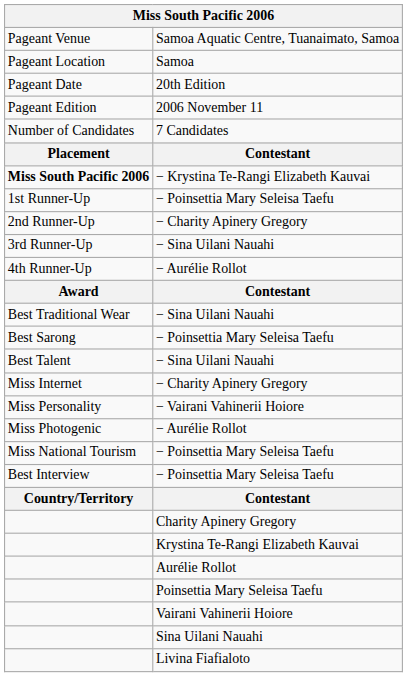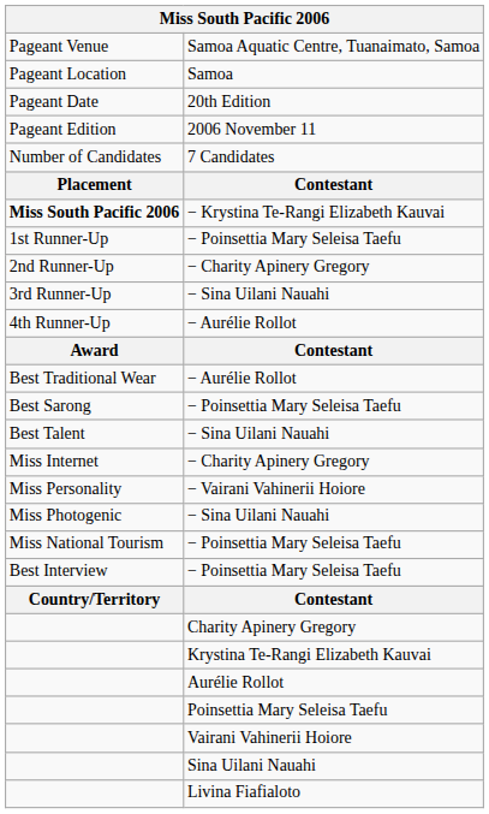 <table class="wikitable sortable" style="font-size: 80%;">
 <tr>
 <th colspan="2"><strong>Miss South Pacific 2006</strong></th>
 </tr>
 <tr>
 <td>Pageant Venue</td>
 <td>Samoa Aquatic Centre, Tuanaimato, Samoa</td>
 </tr>
 <tr>
 <td>Pageant Location</td>
 <td>Samoa</td>
 </tr>
 <tr>
 <td>Pageant Date</td>
 <td>20th Edition</td>
 </tr>
 <tr>
 <td>Pageant Edition</td>
 <td>2006 November 11</td>
 </tr>
 <tr>
 <td>Number of Candidates</td>
 <td>7 Candidates</td>
 </tr>
 <tr>
 <th>Placement</th>
 <th>Contestant</th>
 </tr>
 <tr>
 <td><strong>Miss South Pacific 2006</strong></td>
 <td> − Krystina Te-Rangi Elizabeth Kauvai</td>
 </tr>
 <tr>
 <td>1st Runner-Up</td>
 <td> − Poinsettia Mary Seleisa Taefu</td>
 </tr>
 <tr>
 <td>2nd Runner-Up</td>
 <td> − Charity Apinery Gregory</td>
 </tr>
 <tr>
 <td>3rd Runner-Up</td>
 <td> − Sina Uilani Nauahi</td>
 </tr>
 <tr>
 <td>4th Runner-Up</td>
 <td> − Aurélie Rollot</td>
 </tr>
 <tr>
 <th>Award</th>
 <th>Contestant</th>
 </tr>
 <tr>
 <td>Best Traditional Wear</td>
-<td> − Sina Uilani Nauahi</td>
+<td> − Aurélie Rollot</td>
 </tr>
 <tr>
 <td>Best Sarong</td>
 <td> − Poinsettia Mary Seleisa Taefu</td>
 </tr>
 <tr>
 <td>Best Talent</td>
 <td> − Sina Uilani Nauahi</td>
 </tr>
 <tr>
 <td>Miss Internet</td>
 <td> − Charity Apinery Gregory</td>
 </tr>
 <tr>
 <td>Miss Personality</td>
 <td> − Vairani Vahinerii Hoiore</td>
 </tr>
 <tr>
 <td>Miss Photogenic</td>
-<td> − Aurélie Rollot</td>
+<td> − Sina Uilani Nauahi</td>
 </tr>
 <tr>
 <td>Miss National Tourism</td>
 <td> − Poinsettia Mary Seleisa Taefu</td>
 </tr>
 <tr>
 <td>Best Interview</td>
 <td> − Poinsettia Mary Seleisa Taefu</td>
 </tr>
 <tr>
 <th><strong>Country/Territory</strong></th>
 <th>Contestant</th>
 </tr>
 <tr>
 <td></td>
 <td>Charity Apinery Gregory</td>
 </tr>
 <tr>
 <td></td>
 <td>Krystina Te-Rangi Elizabeth Kauvai</td>
 </tr>
 <tr>
 <td></td>
 <td>Aurélie Rollot</td>
 </tr>
 <tr>
 <td></td>
 <td>Poinsettia Mary Seleisa Taefu</td>
 </tr>
 <tr>
 <td></td>
 <td>Vairani Vahinerii Hoiore</td>
 </tr>
 <tr>
 <td></td>
 <td>Sina Uilani Nauahi</td>
 </tr>
 <tr>
 <td></td>
 <td>Livina Fiafialoto</td>
 </tr>
 </table>
